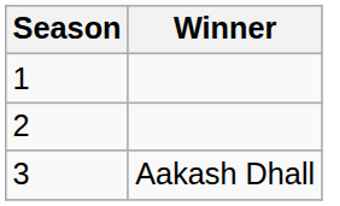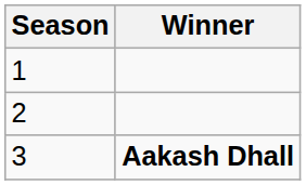 <table class="wikitable">
 <tr>
 <th>Season</th>
 <th>Winner</th>
 </tr>
 <tr>
 <td>1</td>
 <td></td>
 </tr>
 <tr>
 <td>2</td>
 <td></td>
 </tr>
 <tr>
 <td>3</td>
-<td>Aakash Dhall</td>
+<td><strong>Aakash Dhall</strong></td>
 </tr>
 </table>
